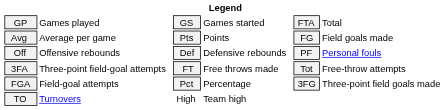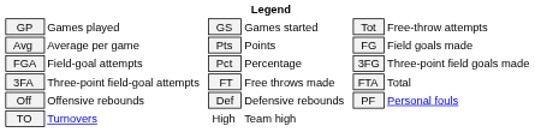 <table class="toccolours" style="font-size: 80%; white-space: nowrap;">
 <tr>
 <th colspan="6">Legend</th>
 </tr>
 <tr>
 <td style="background-color: #F2F2F2; border: 1px solid black;">   GP </td>
 <td>Games played</td>
 <td style="background-color: #F2F2F2; border: 1px solid black">  GS </td>
 <td>Games started</td>
-<td style="background-color: #F2F2F2; border: 1px solid black"> FTA </td>
-<td>Total</td>
+<td style="background-color: #F2F2F2; border: 1px solid black">  Tot </td>
+<td style="padding-right: 8px">Free-throw attempts</td>
 </tr>
 <tr>
 <td style="background-color: #F2F2F2; border: 1px solid black">  Avg </td>
 <td>Average per game</td>
 <td style="background-color: #F2F2F2; border: 1px solid black">  Pts </td>
 <td>Points</td>
 <td style="background-color: #F2F2F2; border: 1px solid black">  FG </td>
 <td style="padding-right: 8px">Field goals made</td>
 </tr>
 <tr>
+<td style="background-color: #F2F2F2; border: 1px solid black">  FGA  </td>
+<td style="padding-right: 8px">Field-goal attempts</td>
+<td style="background-color: #F2F2F2; border: 1px solid black">  Pct </td>
+<td style="padding-right: 8px">Percentage</td>
+<td style="background-color: #F2F2F2; border: 1px solid black"> 3FG </td>
+<td style="padding-right: 8px">Three-point field goals made</td>
+</tr>
+<tr>
+<td style="background-color: #F2F2F2; border: 1px solid black">  3FA </td>
+<td style="padding-right: 8px">Three-point field-goal attempts</td>
+<td style="background-color: #F2F2F2; border: 1px solid black">   FT </td>
+<td style="padding-right: 8px">Free throws made</td>
+<td style="background-color: #F2F2F2; border: 1px solid black"> FTA </td>
+<td>Total</td>
+</tr>
+<tr>
 <td style="background-color: #F2F2F2; border: 1px solid black;">   Off </td>
 <td>Offensive rebounds</td>
 <td style="background-color: #F2F2F2; border: 1px solid black;">  Def  </td>
 <td style="padding-right: 8px">Defensive rebounds</td>
 <td style="background-color: #F2F2F2; border: 1px solid black">  PF</td>
 <td><a href='#'>Personal fouls</a></td>
-</tr>
-<tr>
-<td style="background-color: #F2F2F2; border: 1px solid black">  3FA </td>
-<td style="padding-right: 8px">Three-point field-goal attempts</td>
-<td style="background-color: #F2F2F2; border: 1px solid black">   FT </td>
-<td style="padding-right: 8px">Free throws made</td>
-<td style="background-color: #F2F2F2; border: 1px solid black">  Tot </td>
-<td style="padding-right: 8px">Free-throw attempts</td>
-</tr>
-<tr>
-<td style="background-color: #F2F2F2; border: 1px solid black">  FGA  </td>
-<td style="padding-right: 8px">Field-goal attempts</td>
-<td style="background-color: #F2F2F2; border: 1px solid black">  Pct </td>
-<td style="padding-right: 8px">Percentage</td>
-<td style="background-color: #F2F2F2; border: 1px solid black"> 3FG </td>
-<td style="padding-right: 8px">Three-point field goals made</td>
 </tr>
 <tr>
 <td style="background-color: #F2F2F2; border: 1px solid black">   TO</td>
 <td><a href='#'>Turnovers</a></td>
 <td> High </td>
 <td>Team high</td>
 </tr>
 <tr>
 </tr>
 </table>
